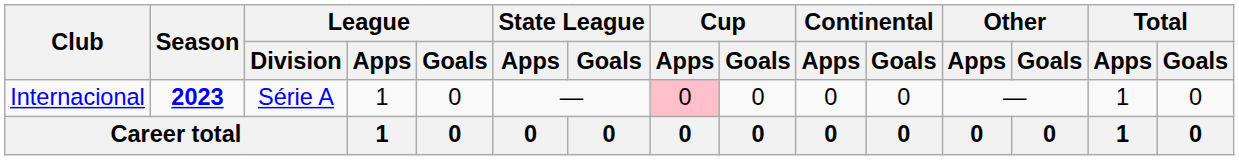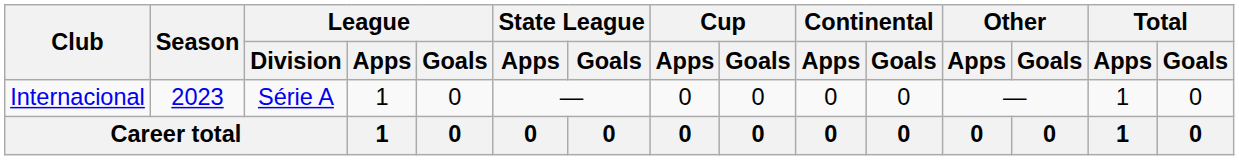 <table class="wikitable" style="text-align: center">
 <tr>
 <th rowspan="2">Club</th>
 <th rowspan="2">Season</th>
 <th colspan="3">League</th>
 <th colspan="2">State League</th>
 <th colspan="2">Cup</th>
 <th colspan="2">Continental</th>
 <th colspan="2">Other</th>
 <th colspan="2">Total</th>
 </tr>
 <tr>
 <th>Division</th>
 <th>Apps</th>
 <th>Goals</th>
 <th>Apps</th>
 <th>Goals</th>
 <th>Apps</th>
 <th>Goals</th>
 <th>Apps</th>
 <th>Goals</th>
 <th>Apps</th>
 <th>Goals</th>
 <th>Apps</th>
 <th>Goals</th>
 </tr>
 <tr>
 <td><a href='#'>Internacional</a></td>
-<td><strong><a href='#'>2023</a></strong></td>
+<td><a href='#'>2023</a></td>
 <td><a href='#'>Série A</a></td>
 <td>1</td>
 <td>0</td>
 <td colspan="2">—</td>
-<td style="background: pink;">0</td>
+<td>0</td>
 <td>0</td>
 <td>0</td>
 <td>0</td>
 <td colspan="2">—</td>
 <td>1</td>
 <td>0</td>
 </tr>
 <tr>
 <th colspan="3"><strong>Career total</strong></th>
 <th>1</th>
 <th>0</th>
 <th>0</th>
 <th>0</th>
 <th>0</th>
 <th>0</th>
 <th>0</th>
 <th>0</th>
 <th>0</th>
 <th>0</th>
 <th>1</th>
 <th>0</th>
 </tr>
 </table>
